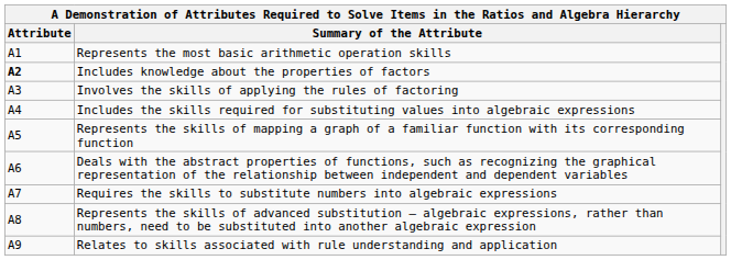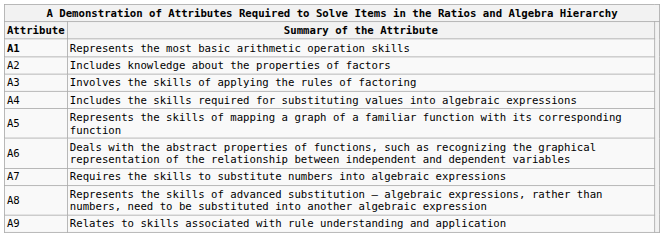 <table class="wikitable" border="1" width="800px" align="center">
 <tr>
 <th colspan="3" align="center">A Demonstration of Attributes Required to Solve Items in the Ratios and Algebra Hierarchy</th>
 </tr>
 <tr>
 <th>Attribute</th>
 <th>Summary of the Attribute</th>
 <th rowspan="10" align="center"></th>
 </tr>
 <tr>
-<td>A1</td>
+<td><strong>A1</strong></td>
 <td>Represents the most basic arithmetic operation skills</td>
 </tr>
 <tr>
-<td><strong>A2</strong></td>
+<td>A2</td>
 <td>Includes knowledge about the properties of factors</td>
 </tr>
 <tr>
 <td>A3</td>
 <td>Involves the skills of applying the rules of factoring</td>
 </tr>
 <tr>
 <td>A4</td>
 <td>Includes the skills required for substituting values into algebraic expressions</td>
 </tr>
 <tr>
 <td>A5</td>
 <td>Represents the skills of mapping a graph of a familiar function with its corresponding function</td>
 </tr>
 <tr>
 <td>A6</td>
 <td>Deals with the abstract properties of functions, such as recognizing the graphical representation of the relationship between independent and dependent variables</td>
 </tr>
 <tr>
 <td>A7</td>
 <td>Requires the skills to substitute numbers into algebraic expressions</td>
 </tr>
 <tr>
 <td>A8</td>
 <td>Represents the skills of advanced substitution – algebraic expressions, rather than numbers, need to be substituted into another algebraic expression</td>
 </tr>
 <tr>
 <td>A9</td>
 <td>Relates to skills associated with rule understanding and application</td>
 </tr>
 </table>
